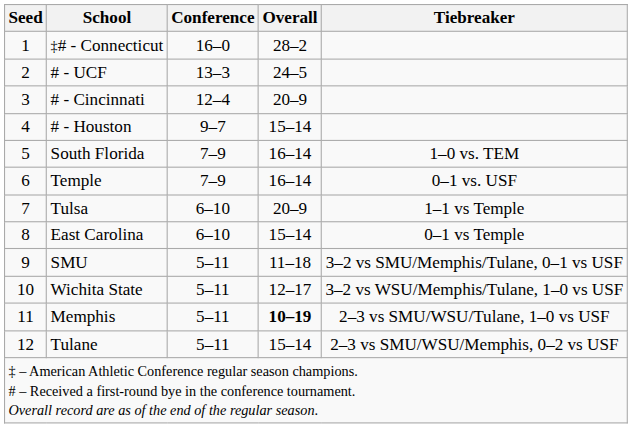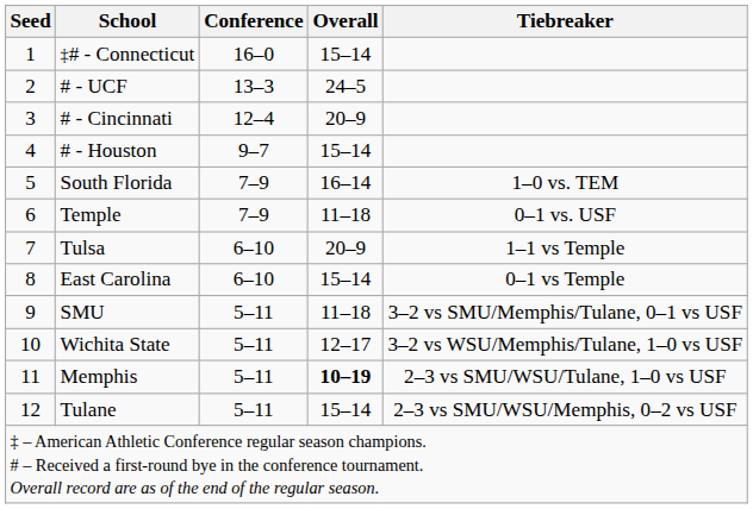 <table class="wikitable" style="text-align:center">
 <tr>
 <th>Seed</th>
 <th>School</th>
 <th>Conference</th>
 <th>Overall</th>
 <th>Tiebreaker</th>
 </tr>
 <tr>
 <td>1</td>
 <td align=left><small>‡</small># - Connecticut</td>
 <td>16–0</td>
-<td>28–2</td>
+<td>15–14</td>
 <td></td>
 </tr>
 <tr>
 <td>2</td>
 <td align=left># - UCF</td>
 <td>13–3</td>
 <td>24–5</td>
 <td></td>
 </tr>
 <tr>
 <td>3</td>
 <td align=left># - Cincinnati</td>
 <td>12–4</td>
 <td>20–9</td>
 <td></td>
 </tr>
 <tr>
 <td>4</td>
 <td align=left># - Houston</td>
 <td>9–7</td>
 <td>15–14</td>
 <td></td>
 </tr>
 <tr>
 <td>5</td>
 <td align=left>South Florida</td>
 <td>7–9</td>
 <td>16–14</td>
 <td>1–0 vs. TEM</td>
 </tr>
 <tr>
 <td>6</td>
 <td align=left>Temple</td>
 <td>7–9</td>
-<td>16–14</td>
+<td>11–18</td>
 <td>0–1 vs. USF</td>
 </tr>
 <tr>
 <td>7</td>
 <td align=left>Tulsa</td>
 <td>6–10</td>
 <td>20–9</td>
 <td>1–1 vs Temple</td>
 </tr>
 <tr>
 <td>8</td>
 <td align=left>East Carolina</td>
 <td>6–10</td>
 <td>15–14</td>
 <td>0–1 vs Temple</td>
 </tr>
 <tr>
 <td>9</td>
 <td align=left>SMU</td>
 <td>5–11</td>
 <td>11–18</td>
 <td>3–2 vs SMU/Memphis/Tulane, 0–1 vs USF</td>
 </tr>
 <tr>
 <td>10</td>
 <td align=left>Wichita State</td>
 <td>5–11</td>
 <td>12–17</td>
 <td>3–2 vs WSU/Memphis/Tulane, 1–0 vs USF</td>
 </tr>
 <tr>
 <td>11</td>
 <td align=left>Memphis</td>
 <td>5–11</td>
 <td><strong>10–19</strong></td>
 <td>2–3 vs SMU/WSU/Tulane, 1–0 vs USF</td>
 </tr>
 <tr>
 <td>12</td>
 <td align=left>Tulane</td>
 <td>5–11</td>
 <td>15–14</td>
 <td>2–3 vs SMU/WSU/Memphis, 0–2 vs USF</td>
 </tr>
 <tr>
 <td colspan="6" style="text-align:left;"><small>‡ – American Athletic Conference regular season champions.<br># – Received a first-round bye in the conference tournament. <br><em>Overall record are as of the end of the regular season</em>.</small></td>
 </tr>
 </table>
